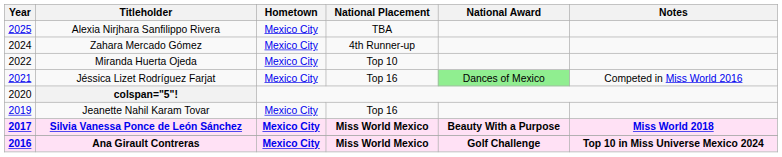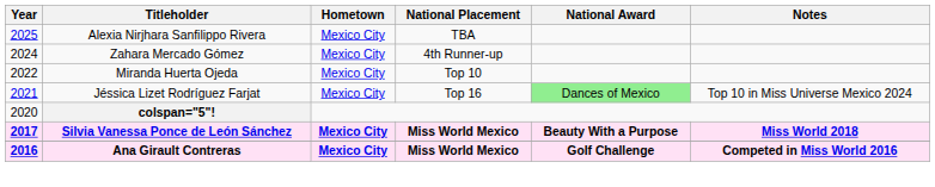 <table class="wikitable" style="text-align:center; font-size:95%; width:90%;">
 <tr>
 <th>Year</th>
 <th>Titleholder</th>
 <th>Hometown</th>
 <th>National Placement</th>
 <th>National Award</th>
 <th>Notes</th>
 </tr>
 <tr>
 <td><a href='#'>2025</a></td>
 <td>Alexia Nirjhara Sanfilippo Rivera</td>
 <td><a href='#'>Mexico City</a></td>
 <td>TBA</td>
 <td></td>
 <td></td>
 </tr>
 <tr>
 <td>2024</td>
 <td>Zahara Mercado Gómez</td>
 <td><a href='#'>Mexico City</a></td>
 <td>4th Runner-up</td>
 <td></td>
 <td></td>
 </tr>
 <tr>
 <td>2022</td>
 <td>Miranda Huerta Ojeda</td>
 <td><a href='#'>Mexico City</a></td>
 <td>Top 10</td>
 <td></td>
 <td></td>
 </tr>
 <tr>
 <td><a href='#'>2021</a></td>
 <td>Jéssica Lizet Rodríguez Farjat</td>
 <td><a href='#'>Mexico City</a></td>
 <td>Top 16</td>
 <td style="background: lightgreen;">Dances of Mexico</td>
-<td>Competed in <a href='#'>Miss World 2016</a></td>
+<td>Top 10 in Miss Universe Mexico 2024</td>
 </tr>
 <tr>
 <td>2020</td>
 <th>colspan="5"!</th>
-</tr>
-<tr>
-<td><a href='#'>2019</a></td>
-<td>Jeanette Nahil Karam Tovar</td>
-<td><a href='#'>Mexico City</a></td>
-<td>Top 16</td>
-<td></td>
-<td></td>
 </tr>
 <tr style="background-color:#FFE1F5; font-weight: bold">
 <td><a href='#'>2017</a></td>
 <td><a href='#'>Silvia Vanessa Ponce de León Sánchez</a></td>
 <td><a href='#'>Mexico City</a></td>
 <td>Miss World Mexico</td>
 <td>Beauty With a Purpose</td>
 <td><a href='#'>Miss World 2018</a></td>
 </tr>
 <tr>
 </tr>
 <tr style="background-color:#FFE1F5; font-weight: bold">
 <td><a href='#'>2016</a></td>
 <td>Ana Girault Contreras</td>
 <td><a href='#'>Mexico City</a></td>
 <td>Miss World Mexico</td>
 <td>Golf Challenge</td>
-<td>Top 10 in Miss Universe Mexico 2024</td>
+<td>Competed in <a href='#'>Miss World 2016</a></td>
 </tr>
 </table>
